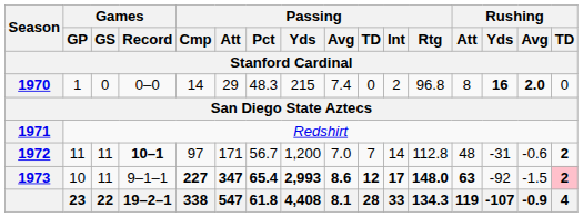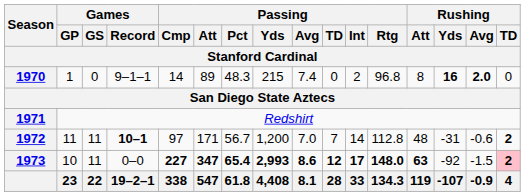 <table class="wikitable" style="text-align:center;">
 <tr>
 <th rowspan="2">Season</th>
 <th colspan="3">Games</th>
 <th colspan="8">Passing</th>
 <th colspan="5">Rushing</th>
 </tr>
 <tr>
 <th>GP</th>
 <th>GS</th>
 <th>Record</th>
 <th>Cmp</th>
 <th>Att</th>
 <th>Pct</th>
 <th>Yds</th>
 <th>Avg</th>
 <th>TD</th>
 <th>Int</th>
 <th>Rtg</th>
 <th>Att</th>
 <th>Yds</th>
 <th>Avg</th>
 <th>TD</th>
 </tr>
 <tr>
 <th colspan="16">Stanford Cardinal</th>
 </tr>
 <tr>
 <th><a href='#'>1970</a></th>
 <td>1</td>
 <td>0</td>
-<td>0–0</td>
+<td>9–1–1</td>
 <td>14</td>
-<td>29</td>
+<td>89</td>
 <td>48.3</td>
 <td>215</td>
 <td>7.4</td>
 <td>0</td>
 <td>2</td>
 <td>96.8</td>
 <td>8</td>
 <td><strong>16</strong></td>
 <td><strong>2.0</strong></td>
 <td>0</td>
 </tr>
 <tr>
 <th colspan="16">San Diego State Aztecs</th>
 </tr>
 <tr>
 <th><a href='#'>1971</a></th>
 <td colspan="16"><em><a href='#'>Redshirt</a> </em></td>
 </tr>
 <tr>
 <th><a href='#'>1972</a></th>
 <td>11</td>
 <td>11</td>
 <td><strong>10–1</strong></td>
 <td>97</td>
 <td>171</td>
 <td>56.7</td>
 <td>1,200</td>
 <td>7.0</td>
 <td>7</td>
 <td>14</td>
 <td>112.8</td>
 <td>48</td>
 <td>-31</td>
 <td>-0.6</td>
 <td><strong>2</strong></td>
 </tr>
 <tr>
 <th><a href='#'>1973</a></th>
 <td>10</td>
 <td>11</td>
-<td>9–1–1</td>
+<td>0–0</td>
 <td><strong>227</strong></td>
 <td><strong>347</strong></td>
 <td><strong>65.4</strong></td>
 <td><strong>2,993</strong></td>
 <td><strong>8.6</strong></td>
 <td><strong>12</strong></td>
 <td><strong>17</strong></td>
 <td><strong>148.0</strong></td>
 <td><strong>63</strong></td>
 <td>-92</td>
 <td>-1.5</td>
 <td style="background: pink;"><strong>2</strong></td>
 </tr>
 <tr>
 <th></th>
 <th>23</th>
 <th>22</th>
 <th>19–2–1</th>
 <th>338</th>
 <th>547</th>
 <th>61.8</th>
 <th>4,408</th>
 <th>8.1</th>
 <th>28</th>
 <th>33</th>
 <th>134.3</th>
 <th>119</th>
 <th>-107</th>
 <th>-0.9</th>
 <th>4</th>
 </tr>
 </table>
